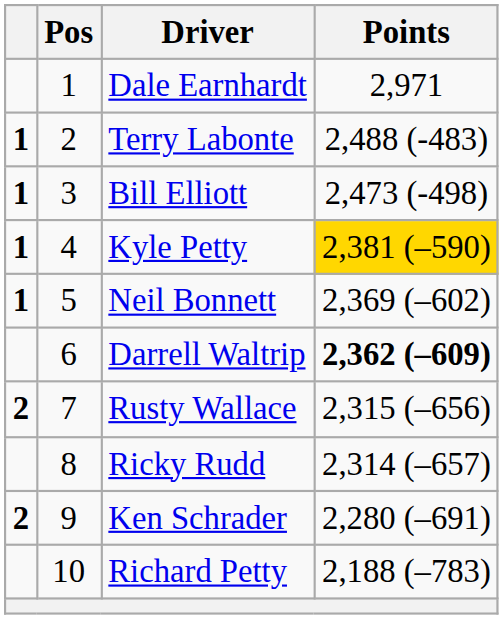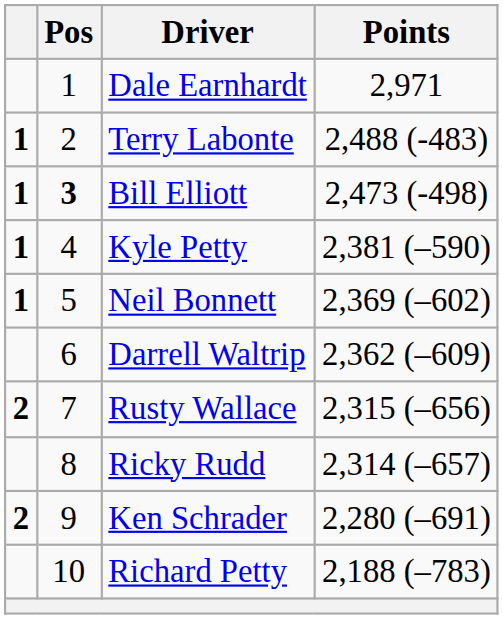 <table class="wikitable" style="font-size: 95%;">
 <tr>
 <th></th>
 <th>Pos</th>
 <th>Driver</th>
 <th>Points</th>
 </tr>
 <tr>
 <td align="left"></td>
 <td style="text-align:center;">1</td>
 <td><a href='#'>Dale Earnhardt</a></td>
 <td style="text-align:center;">2,971</td>
 </tr>
 <tr>
 <td align="left">  <strong>1</strong></td>
 <td style="text-align:center;">2</td>
 <td><a href='#'>Terry Labonte</a></td>
 <td style="text-align:center;">2,488 (-483)</td>
 </tr>
 <tr>
 <td align="left">  <strong>1</strong></td>
-<td style="text-align:center;">3</td>
+<td style="text-align:center;"><strong>3</strong></td>
 <td><a href='#'>Bill Elliott</a></td>
 <td style="text-align:center;">2,473 (-498)</td>
 </tr>
 <tr>
 <td align="left">  <strong>1</strong></td>
 <td style="text-align:center;">4</td>
 <td><a href='#'>Kyle Petty</a></td>
-<td style="background: gold; text-align:center;">2,381 (–590)</td>
+<td style="text-align:center;">2,381 (–590)</td>
 </tr>
 <tr>
 <td align="left">  <strong>1</strong></td>
 <td style="text-align:center;">5</td>
 <td><a href='#'>Neil Bonnett</a></td>
 <td style="text-align:center;">2,369 (–602)</td>
 </tr>
 <tr>
 <td align="left"></td>
 <td style="text-align:center;">6</td>
 <td><a href='#'>Darrell Waltrip</a></td>
-<td style="text-align:center;"><strong>2,362 (–609)</strong></td>
+<td style="text-align:center;">2,362 (–609)</td>
 </tr>
 <tr>
 <td align="left">  <strong>2</strong></td>
 <td style="text-align:center;">7</td>
 <td><a href='#'>Rusty Wallace</a></td>
 <td style="text-align:center;">2,315 (–656)</td>
 </tr>
 <tr>
 <td align="left"></td>
 <td style="text-align:center;">8</td>
 <td><a href='#'>Ricky Rudd</a></td>
 <td style="text-align:center;">2,314 (–657)</td>
 </tr>
 <tr>
 <td align="left">  <strong>2</strong></td>
 <td style="text-align:center;">9</td>
 <td><a href='#'>Ken Schrader</a></td>
 <td style="text-align:center;">2,280 (–691)</td>
 </tr>
 <tr>
 <td align="left"></td>
 <td style="text-align:center;">10</td>
 <td><a href='#'>Richard Petty</a></td>
 <td style="text-align:center;">2,188 (–783)</td>
 </tr>
 <tr class="sortbottom">
 <th colspan="9"></th>
 </tr>
 </table>
